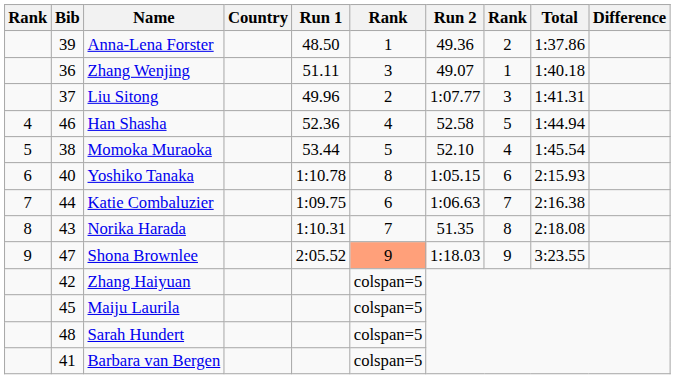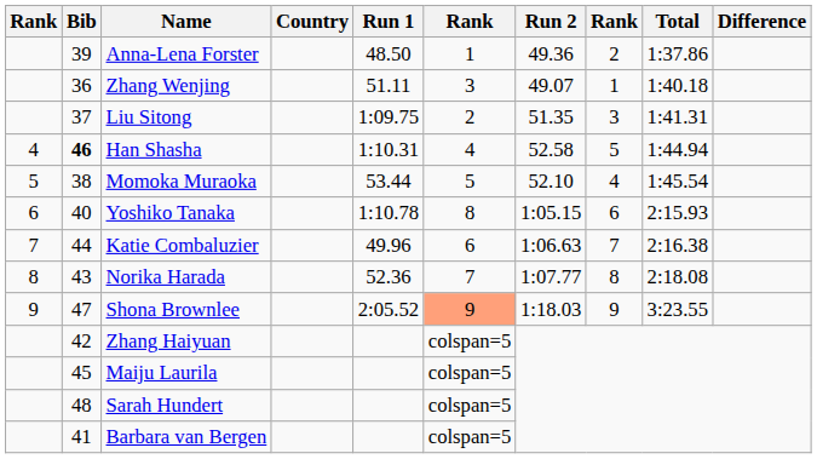 <table class="wikitable sortable" style="text-align:center">
 <tr>
 <th>Rank</th>
 <th>Bib</th>
 <th>Name</th>
 <th>Country</th>
 <th>Run 1</th>
 <th>Rank</th>
 <th>Run 2</th>
 <th>Rank</th>
 <th>Total</th>
 <th>Difference</th>
 </tr>
 <tr>
 <td></td>
 <td>39</td>
 <td align="left"><a href='#'>Anna-Lena Forster</a></td>
 <td align="left"></td>
 <td>48.50</td>
 <td>1</td>
 <td>49.36</td>
 <td>2</td>
 <td>1:37.86</td>
 <td></td>
 </tr>
 <tr>
 <td></td>
 <td>36</td>
 <td align="left"><a href='#'>Zhang Wenjing</a></td>
 <td align="left"></td>
 <td>51.11</td>
 <td>3</td>
 <td>49.07</td>
 <td>1</td>
 <td>1:40.18</td>
 <td></td>
 </tr>
 <tr>
 <td></td>
 <td>37</td>
 <td align="left"><a href='#'>Liu Sitong</a></td>
 <td align="left"></td>
-<td>49.96</td>
+<td>1:09.75</td>
 <td>2</td>
-<td>1:07.77</td>
+<td>51.35</td>
 <td>3</td>
 <td>1:41.31</td>
 <td></td>
 </tr>
 <tr>
 <td>4</td>
-<td>46</td>
+<td><strong>46</strong></td>
 <td align="left"><a href='#'>Han Shasha</a></td>
 <td align="left"></td>
-<td>52.36</td>
+<td>1:10.31</td>
 <td>4</td>
 <td>52.58</td>
 <td>5</td>
 <td>1:44.94</td>
 <td></td>
 </tr>
 <tr>
 <td>5</td>
 <td>38</td>
 <td align="left"><a href='#'>Momoka Muraoka</a></td>
 <td align="left"></td>
 <td>53.44</td>
 <td>5</td>
 <td>52.10</td>
 <td>4</td>
 <td>1:45.54</td>
 <td></td>
 </tr>
 <tr>
 <td>6</td>
 <td>40</td>
 <td align="left"><a href='#'>Yoshiko Tanaka</a></td>
 <td align="left"></td>
 <td>1:10.78</td>
 <td>8</td>
 <td>1:05.15</td>
 <td>6</td>
 <td>2:15.93</td>
 <td></td>
 </tr>
 <tr>
 <td>7</td>
 <td>44</td>
 <td align="left"><a href='#'>Katie Combaluzier</a></td>
 <td align="left"></td>
-<td>1:09.75</td>
+<td>49.96</td>
 <td>6</td>
 <td>1:06.63</td>
 <td>7</td>
 <td>2:16.38</td>
 <td></td>
 </tr>
 <tr>
 <td>8</td>
 <td>43</td>
 <td align="left"><a href='#'>Norika Harada</a></td>
 <td align="left"></td>
-<td>1:10.31</td>
+<td>52.36</td>
 <td>7</td>
-<td>51.35</td>
+<td>1:07.77</td>
 <td>8</td>
 <td>2:18.08</td>
 <td></td>
 </tr>
 <tr>
 <td>9</td>
 <td>47</td>
 <td align="left"><a href='#'>Shona Brownlee</a></td>
 <td align="left"></td>
 <td>2:05.52</td>
 <td style="background: lightsalmon;">9</td>
 <td>1:18.03</td>
 <td>9</td>
 <td>3:23.55</td>
 <td></td>
 </tr>
 <tr>
 <td></td>
 <td>42</td>
 <td align="left"><a href='#'>Zhang Haiyuan</a></td>
 <td align="left"></td>
 <td></td>
 <td>colspan=5 </td>
 </tr>
 <tr>
 <td></td>
 <td>45</td>
 <td align="left"><a href='#'>Maiju Laurila</a></td>
 <td align="left"></td>
 <td></td>
 <td>colspan=5 </td>
 </tr>
 <tr>
 <td></td>
 <td>48</td>
 <td align="left"><a href='#'>Sarah Hundert</a></td>
 <td align="left"></td>
 <td></td>
 <td>colspan=5 </td>
 </tr>
 <tr>
 <td></td>
 <td>41</td>
 <td align="left"><a href='#'>Barbara van Bergen</a></td>
 <td align="left"></td>
 <td></td>
 <td>colspan=5 </td>
 </tr>
 </table>
